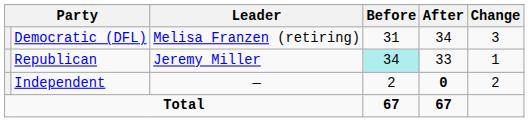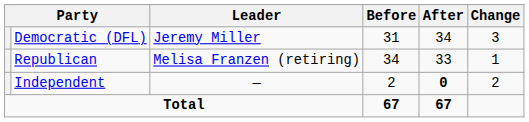 <table class="wikitable" style="text-align:center;">
 <tr>
 </tr>
 <tr>
 <th colspan=2>Party</th>
 <th>Leader</th>
 <th style="width:3em">Before</th>
 <th style="width:3em">After</th>
 <th style="width:3em">Change</th>
 </tr>
 <tr>
 <th style="background-color:"></th>
 <td style="text-align:left;"><a href='#'>Democratic (DFL)</a></td>
-<td style="text-align:left;"><a href='#'>Melisa Franzen</a> (retiring)</td>
+<td style="text-align:left;"><a href='#'>Jeremy Miller</a></td>
 <td>31</td>
 <td>34</td>
 <td>3</td>
 </tr>
 <tr>
 <th style="background-color:"></th>
 <td style="text-align:left;"><a href='#'>Republican</a></td>
-<td style="text-align:left;"><a href='#'>Jeremy Miller</a></td>
-<td style="background: paleturquoise;">34</td>
+<td style="text-align:left;"><a href='#'>Melisa Franzen</a> (retiring)</td>
+<td>34</td>
 <td>33</td>
 <td>1</td>
 </tr>
 <tr>
 <th style="background-color:"></th>
 <td style="text-align:left;"><a href='#'>Independent</a></td>
 <td>—</td>
 <td>2</td>
 <td><strong>0</strong></td>
 <td> 2</td>
 </tr>
 <tr>
 <td colspan=3><strong>Total</strong></td>
 <td><strong>67</strong></td>
 <td><strong>67</strong></td>
 <td></td>
 </tr>
 </table>
